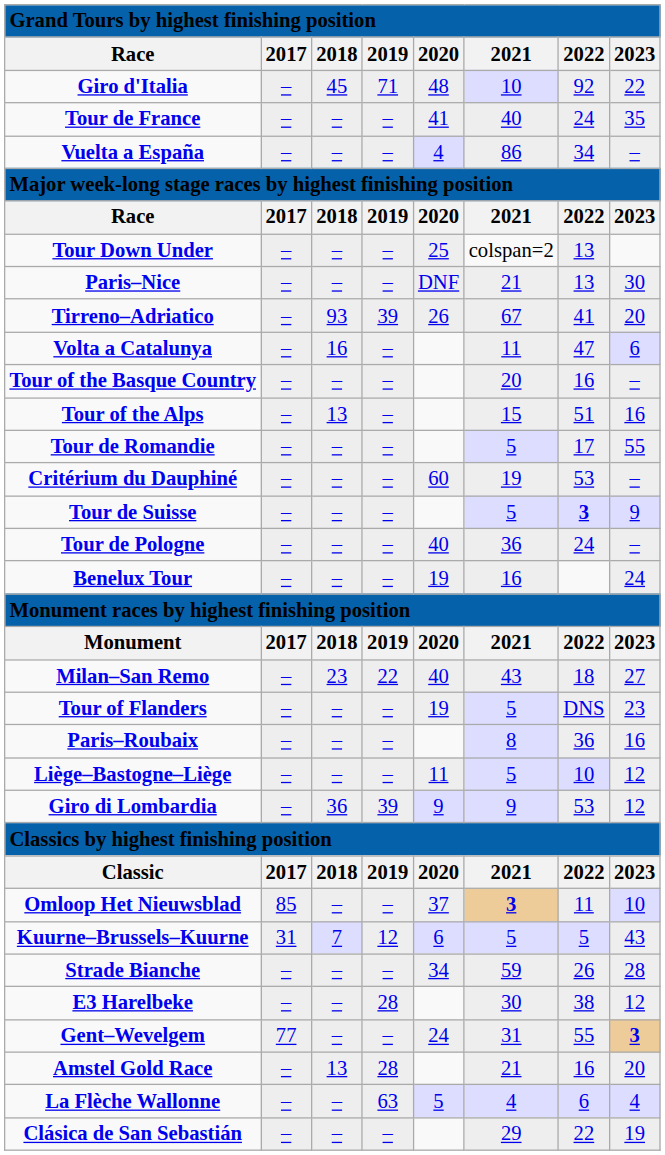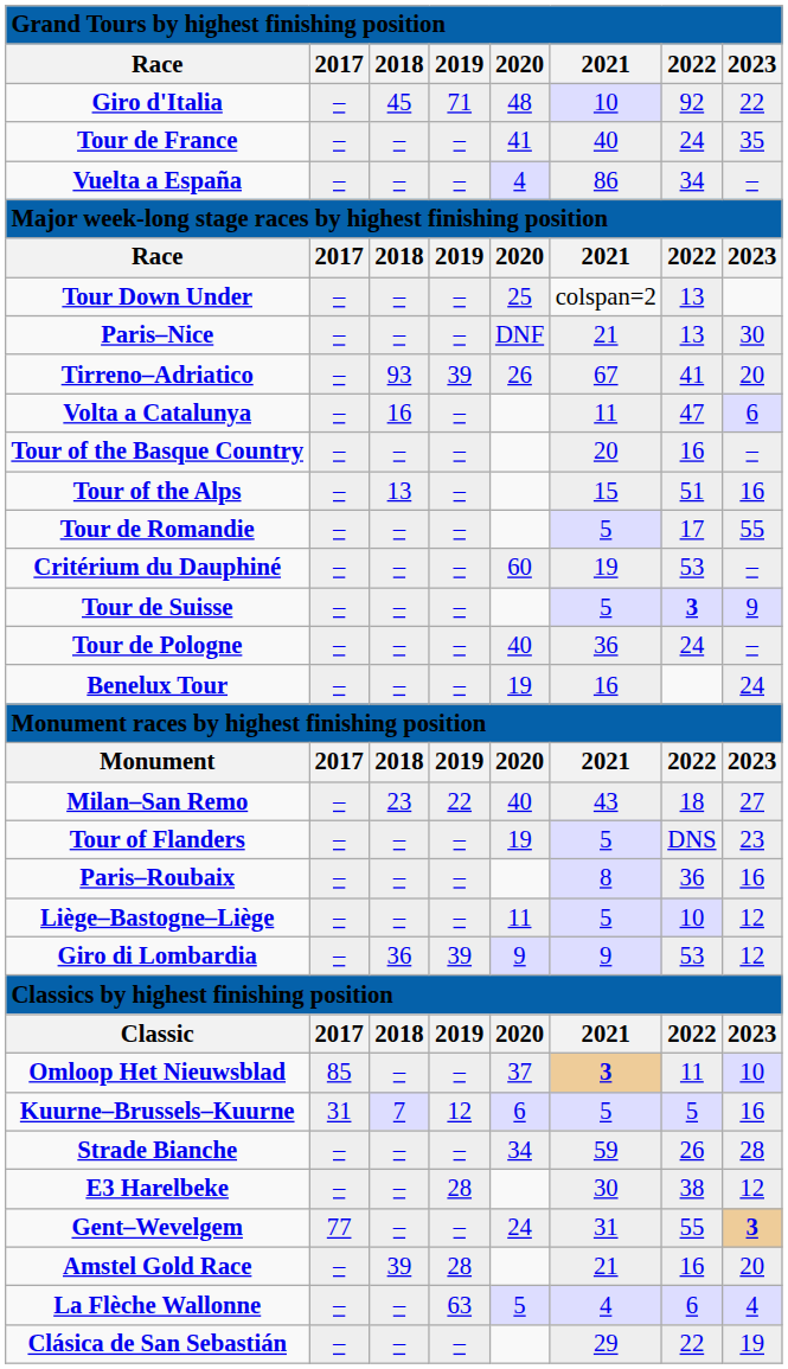 <table class="wikitable">
 <tr style="background:#eee;">
 <td style="background:#0561aa;" colspan=25><strong>Grand Tours by highest finishing position</strong></td>
 </tr>
 <tr>
 <th>Race</th>
 <th>2017</th>
 <th>2018</th>
 <th>2019</th>
 <th>2020</th>
 <th>2021</th>
 <th>2022</th>
 <th>2023</th>
 </tr>
 <tr align="center">
 <td><strong><a href='#'>Giro d'Italia</a></strong></td>
 <td style="background:#eee;"><a href='#'>–</a></td>
 <td style="background:#eee;"><a href='#'>45</a></td>
 <td style="background:#eee;"><a href='#'>71</a></td>
 <td style="background:#eee;"><a href='#'>48</a></td>
 <td style="background:#ddf;"><a href='#'>10</a></td>
 <td style="background:#eee;"><a href='#'>92</a></td>
 <td style="background:#eee;"><a href='#'>22</a></td>
 </tr>
 <tr align="center">
 <td><strong><a href='#'>Tour de France</a></strong></td>
 <td style="background:#eee;"><a href='#'>–</a></td>
 <td style="background:#eee;"><a href='#'>–</a></td>
 <td style="background:#eee;"><a href='#'>–</a></td>
 <td style="background:#eee;"><a href='#'>41</a></td>
 <td style="background:#eee;"><a href='#'>40</a></td>
 <td style="background:#eee;"><a href='#'>24</a></td>
 <td style="background:#eee;"><a href='#'>35</a></td>
 </tr>
 <tr align="center">
 <td><strong><a href='#'>Vuelta a España</a></strong></td>
 <td style="background:#eee;"><a href='#'>–</a></td>
 <td style="background:#eee;"><a href='#'>–</a></td>
 <td style="background:#eee;"><a href='#'>–</a></td>
 <td style="background:#ddf;"><a href='#'>4</a></td>
 <td style="background:#eee;"><a href='#'>86</a></td>
 <td style="background:#eee;"><a href='#'>34</a></td>
 <td style="background:#eee;"><a href='#'>–</a></td>
 </tr>
 <tr>
 <td style="background:#0561aa;" colspan=25><strong>Major week-long stage races by highest finishing position</strong></td>
 </tr>
 <tr>
 <th>Race</th>
 <th>2017</th>
 <th>2018</th>
 <th>2019</th>
 <th>2020</th>
 <th>2021</th>
 <th>2022</th>
 <th>2023</th>
 </tr>
 <tr align="center">
 <td><strong><a href='#'>Tour Down Under</a></strong></td>
 <td style="background:#eee;"><a href='#'>–</a></td>
 <td style="background:#eee;"><a href='#'>–</a></td>
 <td style="background:#eee;"><a href='#'>–</a></td>
 <td style="background:#eee;"><a href='#'>25</a></td>
 <td>colspan=2 </td>
 <td style="background:#eee;"><a href='#'>13</a></td>
 </tr>
 <tr align="center">
 <td><strong><a href='#'>Paris–Nice</a></strong></td>
 <td style="background:#eee;"><a href='#'>–</a></td>
 <td style="background:#eee;"><a href='#'>–</a></td>
 <td style="background:#eee;"><a href='#'>–</a></td>
 <td style="background:#eee;"><a href='#'>DNF</a></td>
 <td style="background:#eee;"><a href='#'>21</a></td>
 <td style="background:#eee;"><a href='#'>13</a></td>
 <td style="background:#eee;"><a href='#'>30</a></td>
 </tr>
 <tr align="center">
 <td><strong><a href='#'>Tirreno–Adriatico</a></strong></td>
 <td style="background:#eee;"><a href='#'>–</a></td>
 <td style="background:#eee;"><a href='#'>93</a></td>
 <td style="background:#eee;"><a href='#'>39</a></td>
 <td style="background:#eee;"><a href='#'>26</a></td>
 <td style="background:#eee;"><a href='#'>67</a></td>
 <td style="background:#eee;"><a href='#'>41</a></td>
 <td style="background:#eee;"><a href='#'>20</a></td>
 </tr>
 <tr align="center">
 <td><strong><a href='#'>Volta a Catalunya</a></strong></td>
 <td style="background:#eee;"><a href='#'>–</a></td>
 <td style="background:#eee;"><a href='#'>16</a></td>
 <td style="background:#eee;"><a href='#'>–</a></td>
 <td></td>
 <td style="background:#eee;"><a href='#'>11</a></td>
 <td style="background:#eee;"><a href='#'>47</a></td>
 <td style="background:#ddf;"><a href='#'>6</a></td>
 </tr>
 <tr align="center">
 <td><strong><a href='#'>Tour of the Basque Country</a></strong></td>
 <td style="background:#eee;"><a href='#'>–</a></td>
 <td style="background:#eee;"><a href='#'>–</a></td>
 <td style="background:#eee;"><a href='#'>–</a></td>
 <td></td>
 <td style="background:#eee;"><a href='#'>20</a></td>
 <td style="background:#eee;"><a href='#'>16</a></td>
 <td style="background:#eee;"><a href='#'>–</a></td>
 </tr>
 <tr align="center">
 <td><strong><a href='#'>Tour of the Alps</a></strong></td>
 <td style="background:#eee;"><a href='#'>–</a></td>
 <td style="background:#eee;"><a href='#'>13</a></td>
 <td style="background:#eee;"><a href='#'>–</a></td>
 <td></td>
 <td style="background:#eee;"><a href='#'>15</a></td>
 <td style="background:#eee;"><a href='#'>51</a></td>
 <td style="background:#eee;"><a href='#'>16</a></td>
 </tr>
 <tr align="center">
 <td><strong><a href='#'>Tour de Romandie</a></strong></td>
 <td style="background:#eee;"><a href='#'>–</a></td>
 <td style="background:#eee;"><a href='#'>–</a></td>
 <td style="background:#eee;"><a href='#'>–</a></td>
 <td></td>
 <td style="background:#ddf;"><a href='#'>5</a></td>
 <td style="background:#eee;"><a href='#'>17</a></td>
 <td style="background:#eee;"><a href='#'>55</a></td>
 </tr>
 <tr align="center">
 <td><strong><a href='#'>Critérium du Dauphiné</a></strong></td>
 <td style="background:#eee;"><a href='#'>–</a></td>
 <td style="background:#eee;"><a href='#'>–</a></td>
 <td style="background:#eee;"><a href='#'>–</a></td>
 <td style="background:#eee;"><a href='#'>60</a></td>
 <td style="background:#eee;"><a href='#'>19</a></td>
 <td style="background:#eee;"><a href='#'>53</a></td>
 <td style="background:#eee;"><a href='#'>–</a></td>
 </tr>
 <tr align="center">
 <td><strong><a href='#'>Tour de Suisse</a></strong></td>
 <td style="background:#eee;"><a href='#'>–</a></td>
 <td style="background:#eee;"><a href='#'>–</a></td>
 <td style="background:#eee;"><a href='#'>–</a></td>
 <td></td>
 <td style="background:#ddf;"><a href='#'>5</a></td>
 <td style="background:#ddf;"><a href='#'><strong>3</strong></a></td>
 <td style="background:#ddf;"><a href='#'>9</a></td>
 </tr>
 <tr align="center">
 <td><strong><a href='#'>Tour de Pologne</a></strong></td>
 <td style="background:#eee;"><a href='#'>–</a></td>
 <td style="background:#eee;"><a href='#'>–</a></td>
 <td style="background:#eee;"><a href='#'>–</a></td>
 <td style="background:#eee;"><a href='#'>40</a></td>
 <td style="background:#eee;"><a href='#'>36</a></td>
 <td style="background:#eee;"><a href='#'>24</a></td>
 <td style="background:#eee;"><a href='#'>–</a></td>
 </tr>
 <tr align="center">
 <td><strong><a href='#'>Benelux Tour</a></strong></td>
 <td style="background:#eee;"><a href='#'>–</a></td>
 <td style="background:#eee;"><a href='#'>–</a></td>
 <td style="background:#eee;"><a href='#'>–</a></td>
 <td style="background:#eee;"><a href='#'>19</a></td>
 <td style="background:#eee;"><a href='#'>16</a></td>
 <td></td>
 <td style="background:#eee;"><a href='#'>24</a></td>
 </tr>
 <tr>
 <td style="background:#0561aa;" colspan=25><strong>Monument races by highest finishing position</strong></td>
 </tr>
 <tr>
 <th>Monument</th>
 <th>2017</th>
 <th>2018</th>
 <th>2019</th>
 <th>2020</th>
 <th>2021</th>
 <th>2022</th>
 <th>2023</th>
 </tr>
 <tr align="center">
 <td><strong><a href='#'>Milan–San Remo</a></strong></td>
 <td style="background:#eee;"><a href='#'>–</a></td>
 <td style="background:#eee;"><a href='#'>23</a></td>
 <td style="background:#eee;"><a href='#'>22</a></td>
 <td style="background:#eee;"><a href='#'>40</a></td>
 <td style="background:#eee;"><a href='#'>43</a></td>
 <td style="background:#eee;"><a href='#'>18</a></td>
 <td style="background:#eee;"><a href='#'>27</a></td>
 </tr>
 <tr align="center">
 <td><strong><a href='#'>Tour of Flanders</a></strong></td>
 <td style="background:#eee;"><a href='#'>–</a></td>
 <td style="background:#eee;"><a href='#'>–</a></td>
 <td style="background:#eee;"><a href='#'>–</a></td>
 <td style="background:#eee;"><a href='#'>19</a></td>
 <td style="background:#ddf;"><a href='#'>5</a></td>
 <td style="background:#eee;"><a href='#'>DNS</a></td>
 <td style="background:#eee;"><a href='#'>23</a></td>
 </tr>
 <tr align="center">
 <td><strong><a href='#'>Paris–Roubaix</a></strong></td>
 <td style="background:#eee;"><a href='#'>–</a></td>
 <td style="background:#eee;"><a href='#'>–</a></td>
 <td style="background:#eee;"><a href='#'>–</a></td>
 <td></td>
 <td style="background:#ddf;"><a href='#'>8</a></td>
 <td style="background:#eee;"><a href='#'>36</a></td>
 <td style="background:#eee;"><a href='#'>16</a></td>
 </tr>
 <tr align="center">
 <td><strong><a href='#'>Liège–Bastogne–Liège</a></strong></td>
 <td style="background:#eee;"><a href='#'>–</a></td>
 <td style="background:#eee;"><a href='#'>–</a></td>
 <td style="background:#eee;"><a href='#'>–</a></td>
 <td style="background:#eee;"><a href='#'>11</a></td>
 <td style="background:#ddf;"><a href='#'>5</a></td>
 <td style="background:#ddf;"><a href='#'>10</a></td>
 <td style="background:#eee;"><a href='#'>12</a></td>
 </tr>
 <tr align="center">
 <td><strong><a href='#'>Giro di Lombardia</a></strong></td>
 <td style="background:#eee;"><a href='#'>–</a></td>
 <td style="background:#eee;"><a href='#'>36</a></td>
 <td style="background:#eee;"><a href='#'>39</a></td>
 <td style="background:#ddf;"><a href='#'>9</a></td>
 <td style="background:#ddf;"><a href='#'>9</a></td>
 <td style="background:#eee;"><a href='#'>53</a></td>
 <td style="background:#eee;"><a href='#'>12</a></td>
 </tr>
 <tr>
 <td style="background:#0561aa;" colspan=25><strong>Classics by highest finishing position</strong></td>
 </tr>
 <tr>
 <th>Classic</th>
 <th>2017</th>
 <th>2018</th>
 <th>2019</th>
 <th>2020</th>
 <th>2021</th>
 <th>2022</th>
 <th>2023</th>
 </tr>
 <tr align="center">
 <td><strong><a href='#'>Omloop Het Nieuwsblad</a></strong></td>
 <td style="background:#eee;"><a href='#'>85</a></td>
 <td style="background:#eee;"><a href='#'>–</a></td>
 <td style="background:#eee;"><a href='#'>–</a></td>
 <td style="background:#eee;"><a href='#'>37</a></td>
 <td style="background:#ec9;"><a href='#'><strong>3</strong></a></td>
 <td style="background:#eee;"><a href='#'>11</a></td>
 <td style="background:#ddf;"><a href='#'>10</a></td>
 </tr>
 <tr align="center">
 <td><strong><a href='#'>Kuurne–Brussels–Kuurne</a></strong></td>
 <td style="background:#eee;"><a href='#'>31</a></td>
 <td style="background:#ddf;"><a href='#'>7</a></td>
 <td style="background:#eee;"><a href='#'>12</a></td>
 <td style="background:#ddf;"><a href='#'>6</a></td>
 <td style="background:#ddf;"><a href='#'>5</a></td>
 <td style="background:#ddf;"><a href='#'>5</a></td>
-<td style="background:#eee;"><a href='#'>43</a></td>
+<td style="background:#eee;"><a href='#'>16</a></td>
 </tr>
 <tr align="center">
 <td><strong><a href='#'>Strade Bianche</a></strong></td>
 <td style="background:#eee;"><a href='#'>–</a></td>
 <td style="background:#eee;"><a href='#'>–</a></td>
 <td style="background:#eee;"><a href='#'>–</a></td>
 <td style="background:#eee;"><a href='#'>34</a></td>
 <td style="background:#eee;"><a href='#'>59</a></td>
 <td style="background:#eee;"><a href='#'>26</a></td>
 <td style="background:#eee;"><a href='#'>28</a></td>
 </tr>
 <tr align="center">
 <td><strong><a href='#'>E3 Harelbeke</a></strong></td>
 <td style="background:#eee;"><a href='#'>–</a></td>
 <td style="background:#eee;"><a href='#'>–</a></td>
 <td style="background:#eee;"><a href='#'>28</a></td>
 <td></td>
 <td style="background:#eee;"><a href='#'>30</a></td>
 <td style="background:#eee;"><a href='#'>38</a></td>
 <td style="background:#eee;"><a href='#'>12</a></td>
 </tr>
 <tr align="center">
 <td><strong><a href='#'>Gent–Wevelgem</a></strong></td>
 <td style="background:#eee;"><a href='#'>77</a></td>
 <td style="background:#eee;"><a href='#'>–</a></td>
 <td style="background:#eee;"><a href='#'>–</a></td>
 <td style="background:#eee;"><a href='#'>24</a></td>
 <td style="background:#eee;"><a href='#'>31</a></td>
 <td style="background:#eee;"><a href='#'>55</a></td>
 <td style="background:#ec9;"><a href='#'><strong>3</strong></a></td>
 </tr>
 <tr align="center">
 <td><strong><a href='#'>Amstel Gold Race</a></strong></td>
 <td style="background:#eee;"><a href='#'>–</a></td>
-<td style="background:#eee;"><a href='#'>13</a></td>
+<td style="background:#eee;"><a href='#'>39</a></td>
 <td style="background:#eee;"><a href='#'>28</a></td>
 <td></td>
 <td style="background:#eee;"><a href='#'>21</a></td>
 <td style="background:#eee;"><a href='#'>16</a></td>
 <td style="background:#eee;"><a href='#'>20</a></td>
 </tr>
 <tr align="center">
 <td><strong><a href='#'>La Flèche Wallonne</a></strong></td>
 <td style="background:#eee;"><a href='#'>–</a></td>
 <td style="background:#eee;"><a href='#'>–</a></td>
 <td style="background:#eee;"><a href='#'>63</a></td>
 <td style="background:#ddf;"><a href='#'>5</a></td>
 <td style="background:#ddf;"><a href='#'>4</a></td>
 <td style="background:#ddf;"><a href='#'>6</a></td>
 <td style="background:#ddf;"><a href='#'>4</a></td>
 </tr>
 <tr align="center">
 <td><strong><a href='#'>Clásica de San Sebastián</a></strong></td>
 <td style="background:#eee;"><a href='#'>–</a></td>
 <td style="background:#eee;"><a href='#'>–</a></td>
 <td style="background:#eee;"><a href='#'>–</a></td>
 <td></td>
 <td style="background:#eee;"><a href='#'>29</a></td>
 <td style="background:#eee;"><a href='#'>22</a></td>
 <td style="background:#eee;"><a href='#'>19</a></td>
 </tr>
 </table>
